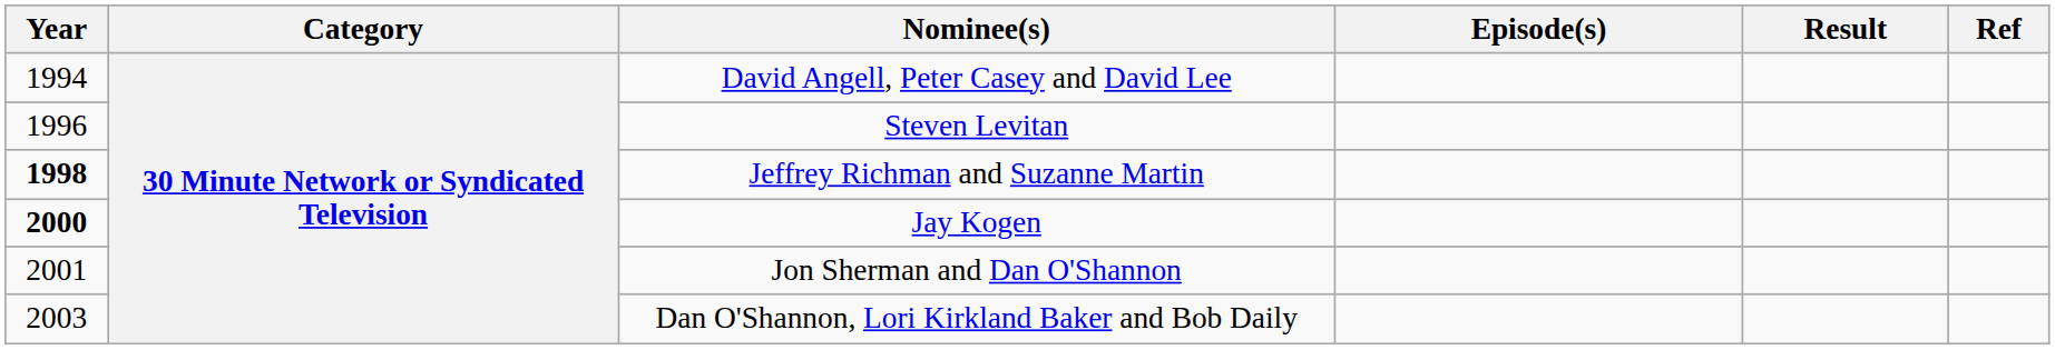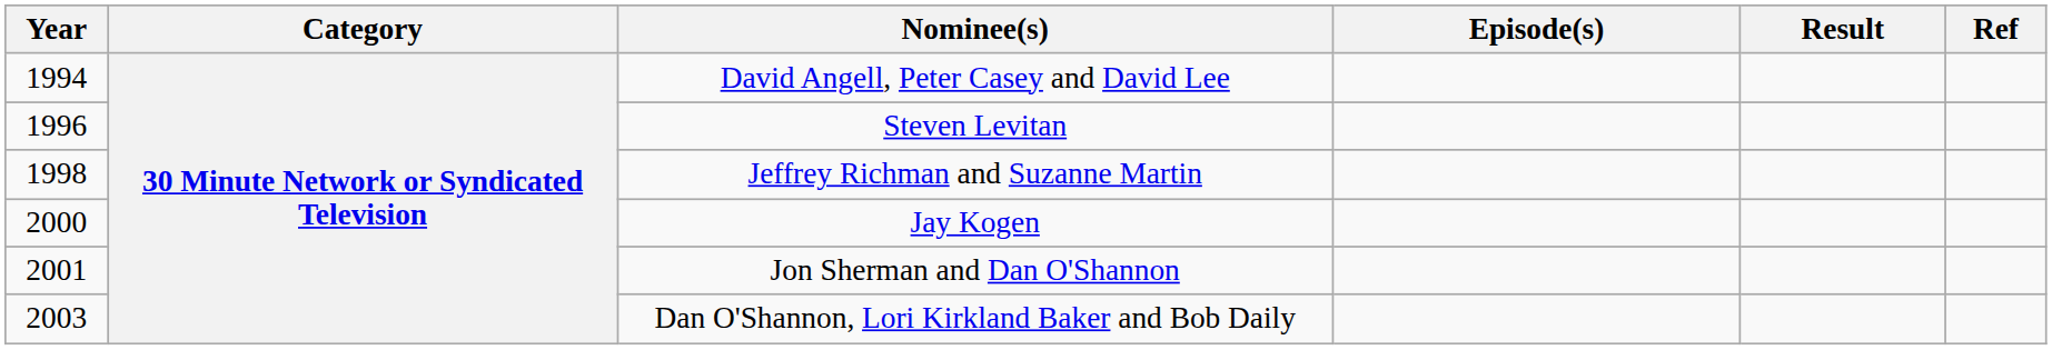 <table class="wikitable plainrowheaders" style="font-size: 100%; text-align:center" width=85%>
 <tr>
 <th scope="col" width="5%">Year</th>
 <th scope="col" width="25%">Category</th>
 <th scope="col" width="35%">Nominee(s)</th>
 <th scope="col" width="20%">Episode(s)</th>
 <th scope="col" width="10%">Result</th>
 <th scope="col" width="5%">Ref</th>
 </tr>
 <tr>
 <td>1994</td>
 <th scope="row" style="text-align:center" rowspan="6"><a href='#'>30 Minute Network or Syndicated Television</a></th>
 <td><a href='#'>David Angell</a>, <a href='#'>Peter Casey</a> and <a href='#'>David Lee</a></td>
 <td></td>
 <td></td>
 <td></td>
 </tr>
 <tr>
 <td>1996</td>
 <td><a href='#'>Steven Levitan</a></td>
 <td></td>
 <td></td>
 <td></td>
 </tr>
 <tr>
-<td><strong>1998</strong></td>
+<td>1998</td>
 <td><a href='#'>Jeffrey Richman</a> and <a href='#'>Suzanne Martin</a></td>
 <td></td>
 <td></td>
 <td></td>
 </tr>
 <tr>
-<td><strong>2000</strong></td>
+<td>2000</td>
 <td><a href='#'>Jay Kogen</a></td>
 <td></td>
 <td></td>
 <td></td>
 </tr>
 <tr>
 <td>2001</td>
 <td>Jon Sherman and <a href='#'>Dan O'Shannon</a></td>
 <td></td>
 <td></td>
 <td></td>
 </tr>
 <tr>
 <td>2003</td>
 <td>Dan O'Shannon, <a href='#'>Lori Kirkland Baker</a> and Bob Daily</td>
 <td></td>
 <td></td>
 <td></td>
 </tr>
 </table>
